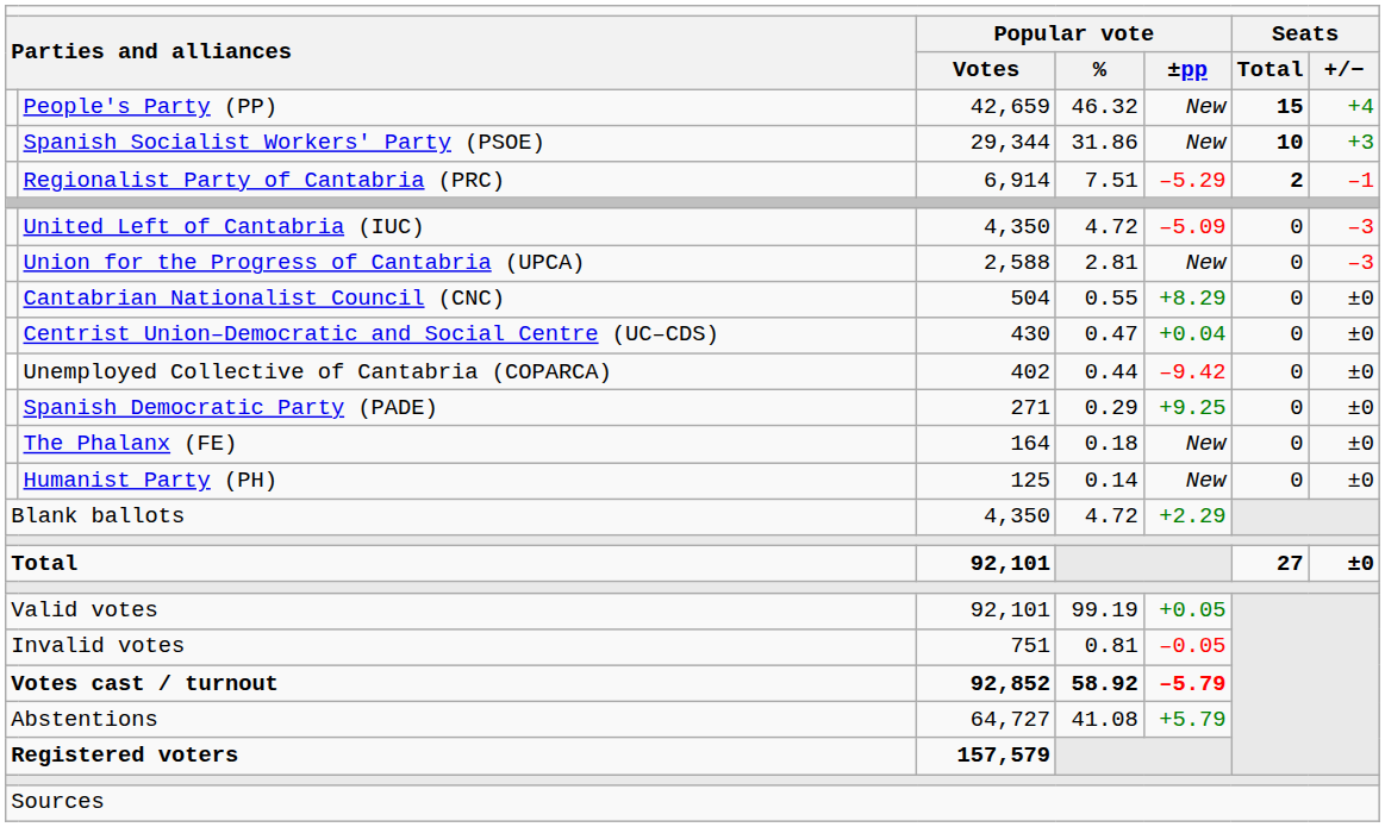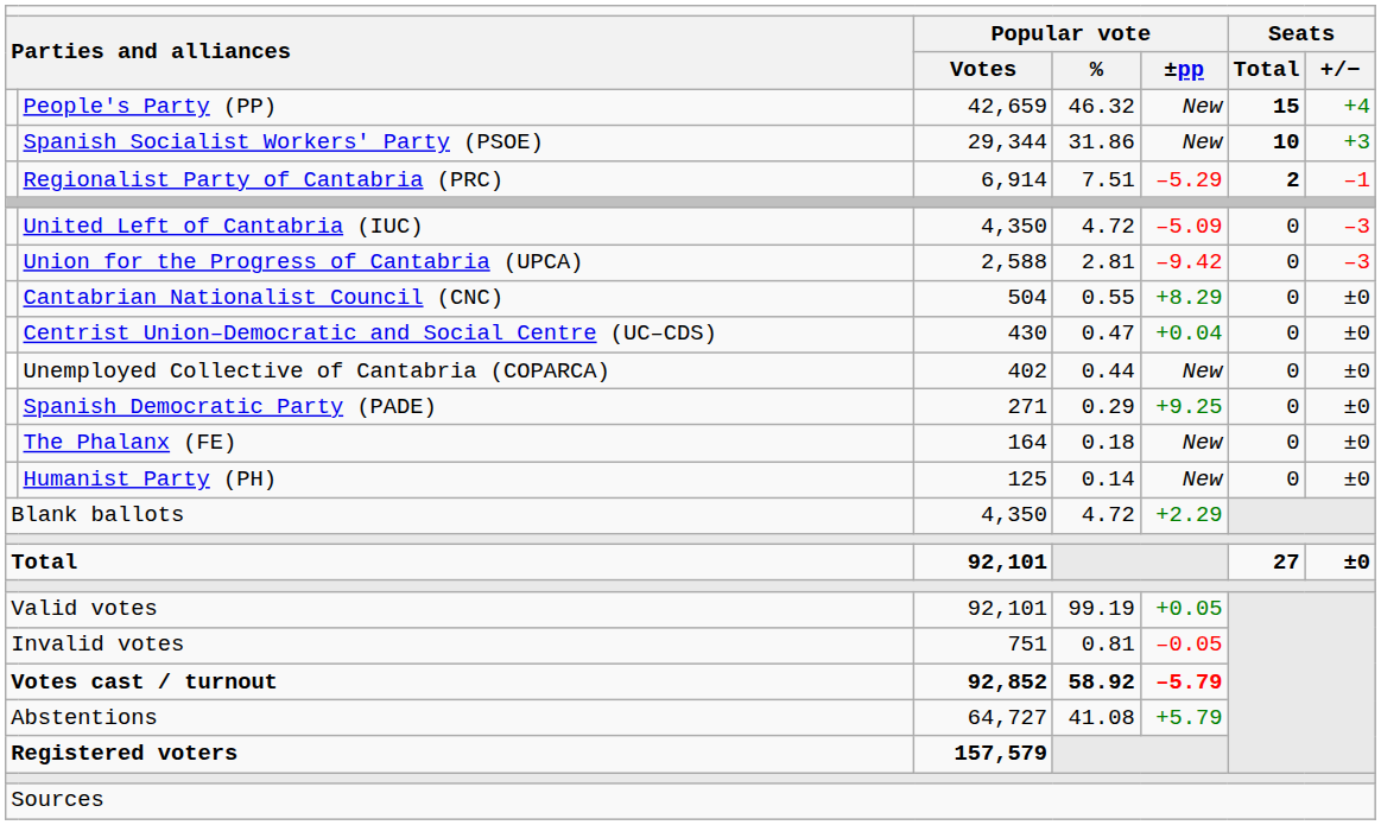 <table class="wikitable" style="text-align:right;">
 <tr>
 <td colspan="7"></td>
 </tr>
 <tr>
 <th style="text-align:left;" rowspan="2" colspan="2" width="525">Parties and alliances</th>
 <th colspan="3">Popular vote</th>
 <th colspan="2">Seats</th>
 </tr>
 <tr>
 <th width="75">Votes</th>
 <th width="45">%</th>
 <th width="45">±<a href='#'>pp</a></th>
 <th width="35">Total</th>
 <th width="35">+/−</th>
 </tr>
 <tr>
 <td width="1" style="color:inherit;background:"></td>
 <td align="left"><a href='#'>People's Party</a> (PP)</td>
 <td>42,659</td>
 <td>46.32</td>
 <td><em>New</em></td>
 <td><strong>15</strong></td>
 <td style="color:green;">+4</td>
 </tr>
 <tr>
 <td style="color:inherit;background:"></td>
 <td align="left"><a href='#'>Spanish Socialist Workers' Party</a> (PSOE)</td>
 <td>29,344</td>
 <td>31.86</td>
 <td><em>New</em></td>
 <td><strong>10</strong></td>
 <td style="color:green;">+3</td>
 </tr>
 <tr>
 <td style="color:inherit;background:"></td>
 <td align="left"><a href='#'>Regionalist Party of Cantabria</a> (PRC)</td>
 <td>6,914</td>
 <td>7.51</td>
 <td style="color:red;">–5.29</td>
 <td><strong>2</strong></td>
 <td style="color:red;">–1</td>
 </tr>
 <tr>
 <td colspan="7" bgcolor="#C0C0C0"></td>
 </tr>
 <tr>
 <td style="color:inherit;background:"></td>
 <td align="left"><a href='#'>United Left of Cantabria</a> (IUC)</td>
 <td>4,350</td>
 <td>4.72</td>
 <td style="color:red;">–5.09</td>
 <td>0</td>
 <td style="color:red;">–3</td>
 </tr>
 <tr>
 <td style="color:inherit;background:"></td>
 <td align="left"><a href='#'>Union for the Progress of Cantabria</a> (UPCA)</td>
 <td>2,588</td>
 <td>2.81</td>
-<td><em>New</em></td>
+<td style="color:red;">–9.42</td>
 <td>0</td>
 <td style="color:red;">–3</td>
 </tr>
 <tr>
 <td style="color:inherit;background:"></td>
 <td align="left"><a href='#'>Cantabrian Nationalist Council</a> (CNC)</td>
 <td>504</td>
 <td>0.55</td>
 <td style="color:green;">+8.29</td>
 <td>0</td>
 <td>±0</td>
 </tr>
 <tr>
 <td style="color:inherit;background:"></td>
 <td align="left"><a href='#'>Centrist Union–Democratic and Social Centre</a> (UC–CDS)</td>
 <td>430</td>
 <td>0.47</td>
 <td style="color:green;">+0.04</td>
 <td>0</td>
 <td>±0</td>
 </tr>
 <tr>
 <td bgcolor="white"></td>
 <td align="left">Unemployed Collective of Cantabria (COPARCA)</td>
 <td>402</td>
 <td>0.44</td>
-<td style="color:red;">–9.42</td>
+<td><em>New</em></td>
 <td>0</td>
 <td>±0</td>
 </tr>
 <tr>
 <td style="color:inherit;background:"></td>
 <td align="left"><a href='#'>Spanish Democratic Party</a> (PADE)</td>
 <td>271</td>
 <td>0.29</td>
 <td style="color:green;">+9.25</td>
 <td>0</td>
 <td>±0</td>
 </tr>
 <tr>
 <td style="color:inherit;background:"></td>
 <td align="left"><a href='#'>The Phalanx</a> (FE)</td>
 <td>164</td>
 <td>0.18</td>
 <td><em>New</em></td>
 <td>0</td>
 <td>±0</td>
 </tr>
 <tr>
 <td style="color:inherit;background:"></td>
 <td align="left"><a href='#'>Humanist Party</a> (PH)</td>
 <td>125</td>
 <td>0.14</td>
 <td><em>New</em></td>
 <td>0</td>
 <td>±0</td>
 </tr>
 <tr>
 <td align="left" colspan="2">Blank ballots</td>
 <td>4,350</td>
 <td>4.72</td>
 <td style="color:green;">+2.29</td>
 <td bgcolor="#E9E9E9" colspan="2"></td>
 </tr>
 <tr>
 <td colspan="7" bgcolor="#E9E9E9"></td>
 </tr>
 <tr style="font-weight:bold;">
 <td align="left" colspan="2">Total</td>
 <td>92,101</td>
 <td bgcolor="#E9E9E9" colspan="2"></td>
 <td>27</td>
 <td>±0</td>
 </tr>
 <tr>
 <td colspan="7" bgcolor="#E9E9E9"></td>
 </tr>
 <tr>
 <td align="left" colspan="2">Valid votes</td>
 <td>92,101</td>
 <td>99.19</td>
 <td style="color:green;">+0.05</td>
 <td bgcolor="#E9E9E9" colspan="2" rowspan="5"></td>
 </tr>
 <tr>
 <td align="left" colspan="2">Invalid votes</td>
 <td>751</td>
 <td>0.81</td>
 <td style="color:red;">–0.05</td>
 </tr>
 <tr style="font-weight:bold;">
 <td align="left" colspan="2">Votes cast / turnout</td>
 <td>92,852</td>
 <td>58.92</td>
 <td style="color:red;">–5.79</td>
 </tr>
 <tr>
 <td align="left" colspan="2">Abstentions</td>
 <td>64,727</td>
 <td>41.08</td>
 <td style="color:green;">+5.79</td>
 </tr>
 <tr style="font-weight:bold;">
 <td align="left" colspan="2">Registered voters</td>
 <td>157,579</td>
 <td bgcolor="#E9E9E9" colspan="2"></td>
 </tr>
 <tr>
 <td colspan="7" bgcolor="#E9E9E9"></td>
 </tr>
 <tr>
 <td align="left" colspan="7">Sources</td>
 </tr>
 </table>
